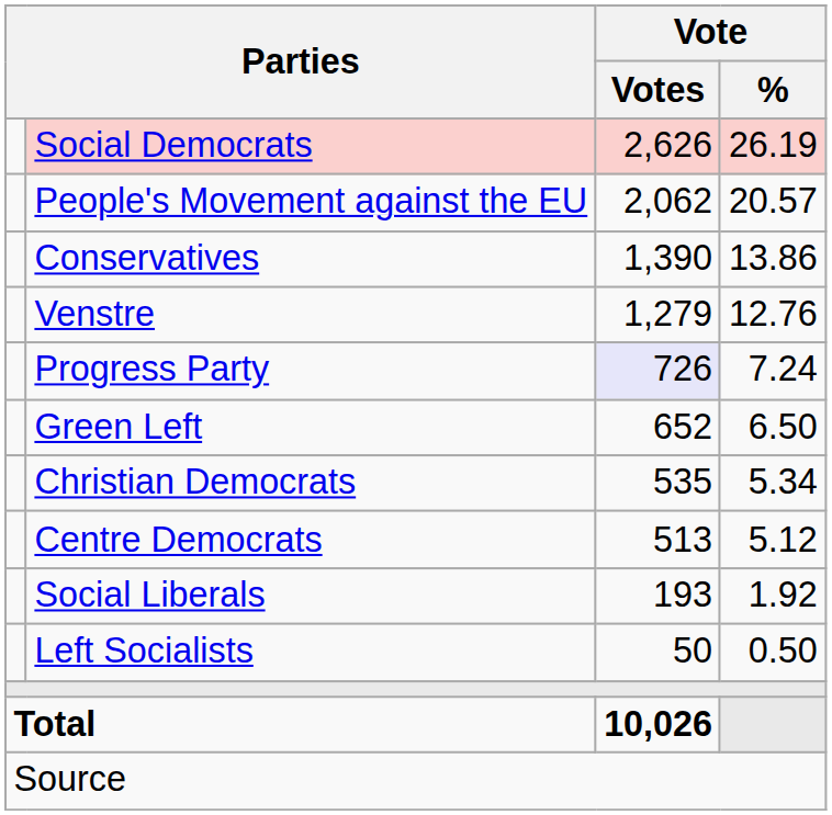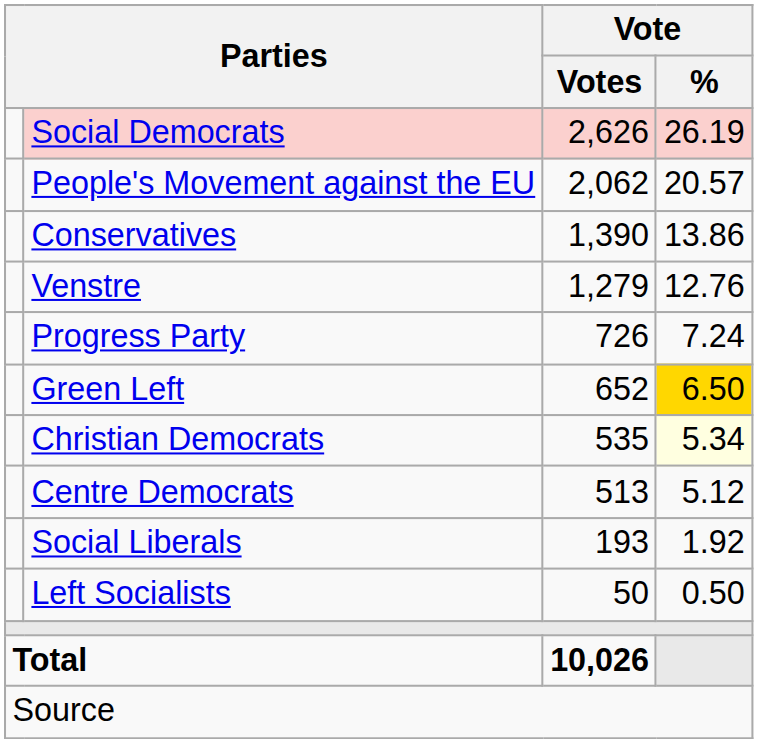 <table class="wikitable" style="text-align:right;">
 <tr>
 <th style="text-align:centre;" rowspan="2" colspan="2" width="225">Parties</th>
 <th colspan="3">Vote</th>
 </tr>
 <tr>
 <th width="15">Votes</th>
 <th width="15">%</th>
 </tr>
 <tr>
 <td width="2" style="color:inherit;background:"></td>
 <td bgcolor=#fbd0ce   align="left"><a href='#'>Social Democrats</a></td>
 <td bgcolor=#fbd0ce>2,626</td>
 <td bgcolor=#fbd0ce>26.19</td>
 </tr>
 <tr>
 <td width="2" style="color:inherit;background:"></td>
 <td align="left"><a href='#'>People's Movement against the EU</a></td>
 <td>2,062</td>
 <td>20.57</td>
 </tr>
 <tr>
 <td width="2" style="color:inherit;background:"></td>
 <td align="left"><a href='#'>Conservatives</a></td>
 <td>1,390</td>
 <td>13.86</td>
 </tr>
 <tr>
 <td width="2" style="color:inherit;background:"></td>
 <td align="left"><a href='#'>Venstre</a></td>
 <td>1,279</td>
 <td>12.76</td>
 </tr>
 <tr>
 <td width="2" style="color:inherit;background:"></td>
 <td align="left"><a href='#'>Progress Party</a></td>
-<td style="background: lavender;">726</td>
+<td>726</td>
 <td>7.24</td>
 </tr>
 <tr>
 <td width="2" style="color:inherit;background:"></td>
 <td align="left"><a href='#'>Green Left</a></td>
 <td>652</td>
-<td>6.50</td>
+<td style="background: gold;">6.50</td>
 </tr>
 <tr>
 <td width="2" style="color:inherit;background:"></td>
 <td align="left"><a href='#'>Christian Democrats</a></td>
 <td>535</td>
-<td>5.34</td>
+<td style="background: lightyellow;">5.34</td>
 </tr>
 <tr>
 <td width="2" style="color:inherit;background:"></td>
 <td align="left"><a href='#'>Centre Democrats</a></td>
 <td>513</td>
 <td>5.12</td>
 </tr>
 <tr>
 <td width="2" style="color:inherit;background:"></td>
 <td align="left"><a href='#'>Social Liberals</a></td>
 <td>193</td>
 <td>1.92</td>
 </tr>
 <tr>
 <td width="2" style="color:inherit;background:"></td>
 <td align="left"><a href='#'>Left Socialists</a></td>
 <td>50</td>
 <td>0.50</td>
 </tr>
 <tr>
 <td colspan="7" bgcolor="#E9E9E9"></td>
 </tr>
 <tr>
 <td align="left" colspan="2"><strong>Total</strong></td>
 <td><strong>10,026</strong></td>
 <td bgcolor="#E9E9E9" colspan="2"></td>
 </tr>
 <tr>
 <td align="left" colspan="6">Source</td>
 </tr>
 </table>
